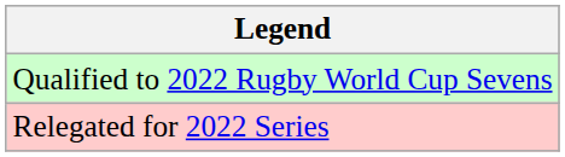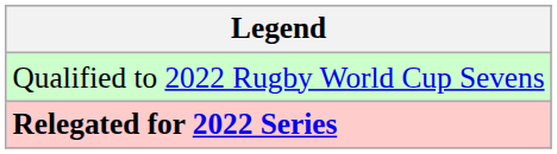 <table class="wikitable">
 <tr>
 <th>Legend</th>
 </tr>
 <tr bgcolor=ccffcc>
 <td>Qualified to <a href='#'>2022 Rugby World Cup Sevens</a></td>
 </tr>
 <tr bgcolor=ffcccc>
-<td>Relegated for <a href='#'>2022 Series</a></td>
+<td><strong>Relegated for <a href='#'>2022 Series</a></strong></td>
 </tr>
 </table>
